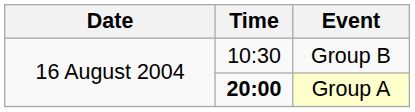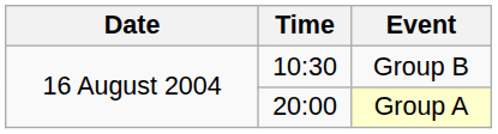 <table class = "wikitable" style="text-align:center;">
 <tr>
 <th width=150>Date</th>
 <th width=50>Time</th>
 <th width=80>Event</th>
 </tr>
 <tr>
 <td rowspan=2>16 August 2004</td>
 <td>10:30</td>
 <td>Group B</td>
 </tr>
 <tr>
-<td><strong>20:00</strong></td>
+<td>20:00</td>
 <td bgcolor=ffffcc>Group A</td>
 </tr>
 </table>
